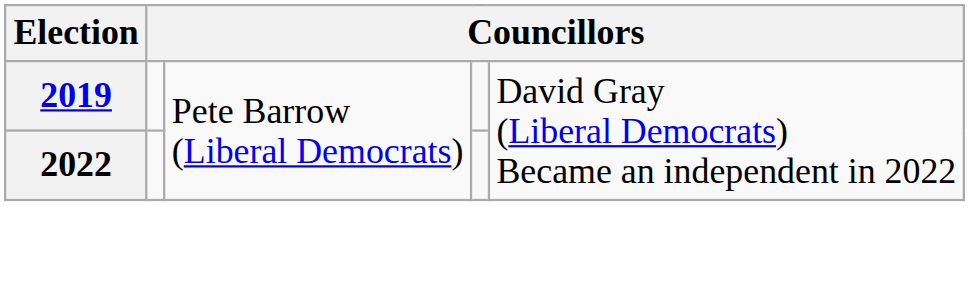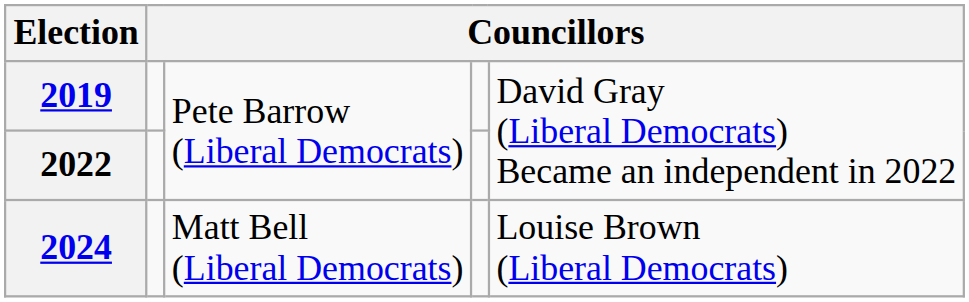 <table class="wikitable">
 <tr>
 <th>Election</th>
 <th colspan="4">Councillors</th>
 </tr>
 <tr>
 <th><a href='#'>2019</a></th>
 <td rowspan="1;" style="background-color: "></td>
 <td rowspan="2">Pete Barrow<br>(<a href='#'>Liberal Democrats</a>)</td>
 <td rowspan="1;" style="background-color: "></td>
 <td rowspan="2">David Gray<br>(<a href='#'>Liberal Democrats</a>)<br>Became an independent in 2022</td>
 </tr>
 <tr>
 <th>2022</th>
 <td rowspan="1;" style="background-color: "></td>
 <td></td>
 </tr>
+<tr>
+<th><a href='#'>2024</a></th>
+<td rowspan="1;" style="background-color: "></td>
+<td>Matt Bell<br>(<a href='#'>Liberal Democrats</a>)</td>
+<td rowspan="1;" style="background-color: "></td>
+<td>Louise Brown<br>(<a href='#'>Liberal Democrats</a>)</td>
+</tr>
 </table>
